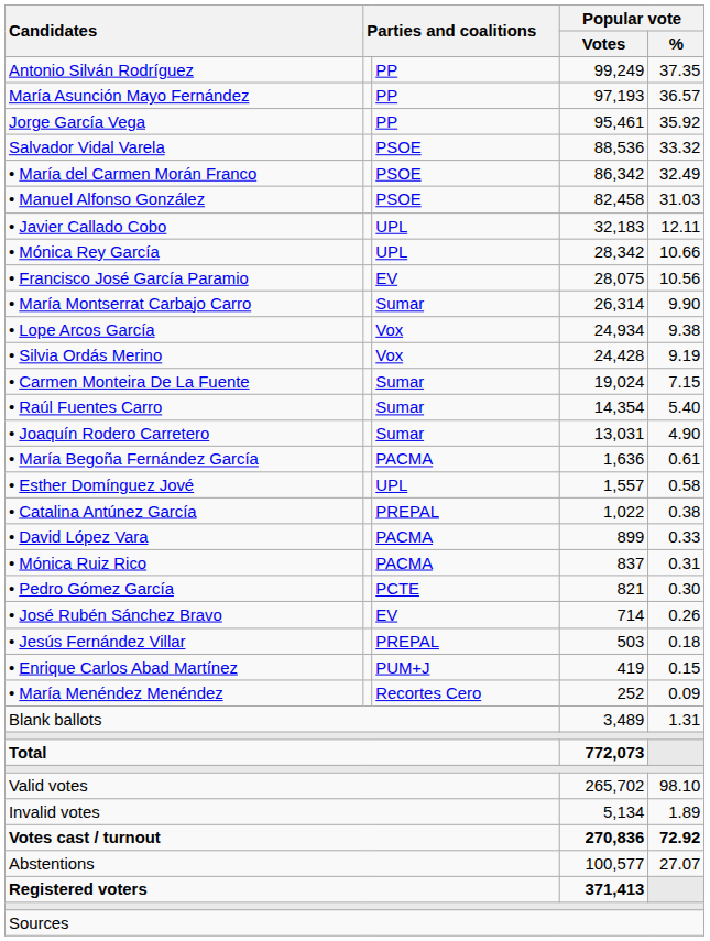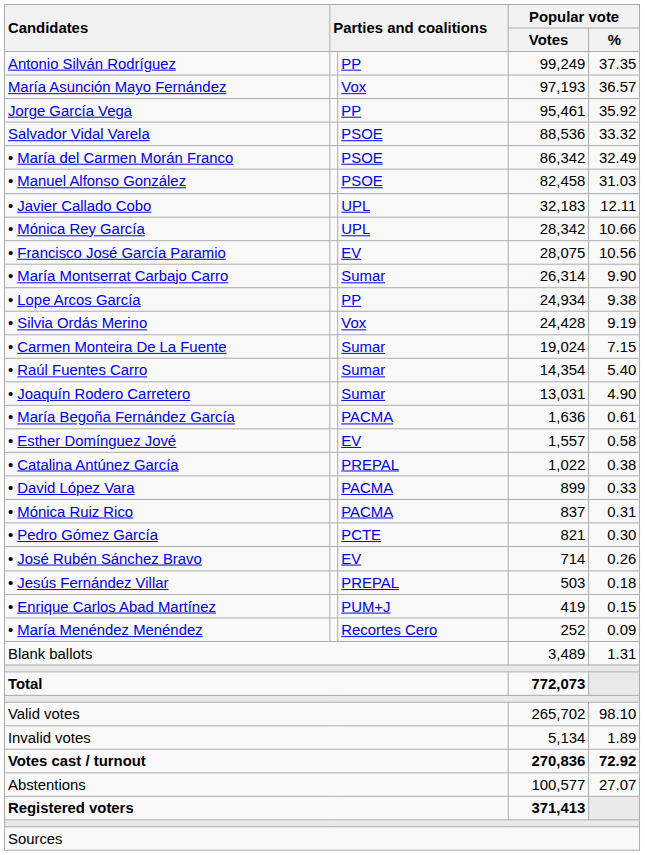 <table class="wikitable" style="text-align:right; font-size:95%;">
 <tr>
 <th style="text-align:left;" rowspan="2" width="325">Candidates</th>
 <th style="text-align:left;" rowspan="2" colspan="2" width="175">Parties and coalitions</th>
 <th colspan="2">Popular vote</th>
 </tr>
 <tr>
 <th width="75">Votes</th>
 <th width="45">%</th>
 </tr>
 <tr>
 <td align="left"> <a href='#'>Antonio Silván Rodríguez</a></td>
 <td width="1" style="color:inherit;background:"></td>
 <td align="left"><a href='#'>PP</a></td>
 <td>99,249</td>
 <td>37.35</td>
 </tr>
 <tr>
 <td align="left"> <a href='#'>María Asunción Mayo Fernández</a></td>
 <td width="1" style="color:inherit;background:"></td>
-<td align="left"><a href='#'>PP</a></td>
+<td align="left"><a href='#'>Vox</a></td>
 <td>97,193</td>
 <td>36.57</td>
 </tr>
 <tr>
 <td align="left"> <a href='#'>Jorge García Vega</a></td>
 <td width="1" style="color:inherit;background:"></td>
 <td align="left"><a href='#'>PP</a></td>
 <td>95,461</td>
 <td>35.92</td>
 </tr>
 <tr>
 <td align="left"> <a href='#'>Salvador Vidal Varela</a></td>
 <td width="1" style="color:inherit;background:"></td>
 <td align="left"><a href='#'>PSOE</a></td>
 <td>88,536</td>
 <td>33.32</td>
 </tr>
 <tr>
 <td align="left">• <a href='#'>María del Carmen Morán Franco</a></td>
 <td width="1" style="color:inherit;background:"></td>
 <td align="left"><a href='#'>PSOE</a></td>
 <td>86,342</td>
 <td>32.49</td>
 </tr>
 <tr>
 <td align="left">• <a href='#'>Manuel Alfonso González</a></td>
 <td width="1" style="color:inherit;background:"></td>
 <td align="left"><a href='#'>PSOE</a></td>
 <td>82,458</td>
 <td>31.03</td>
 </tr>
 <tr>
 <td align="left">• <a href='#'>Javier Callado Cobo</a></td>
 <td width="1" style="color:inherit;background:"></td>
 <td align="left"><a href='#'>UPL</a></td>
 <td>32,183</td>
 <td>12.11</td>
 </tr>
 <tr>
 <td align="left">• <a href='#'>Mónica Rey García</a></td>
 <td width="1" style="color:inherit;background:"></td>
 <td align="left"><a href='#'>UPL</a></td>
 <td>28,342</td>
 <td>10.66</td>
 </tr>
 <tr>
 <td align="left">• <a href='#'>Francisco José García Paramio</a></td>
 <td width="1" style="color:inherit;background:"></td>
 <td align="left"><a href='#'>EV</a></td>
 <td>28,075</td>
 <td>10.56</td>
 </tr>
 <tr>
 <td align="left">• <a href='#'>María Montserrat Carbajo Carro</a></td>
 <td width="1" style="color:inherit;background:"></td>
 <td align="left"><a href='#'>Sumar</a></td>
 <td>26,314</td>
 <td>9.90</td>
 </tr>
 <tr>
 <td align="left">• <a href='#'>Lope Arcos García</a></td>
 <td width="1" style="color:inherit;background:"></td>
-<td align="left"><a href='#'>Vox</a></td>
+<td align="left"><a href='#'>PP</a></td>
 <td>24,934</td>
 <td>9.38</td>
 </tr>
 <tr>
 <td align="left">• <a href='#'>Silvia Ordás Merino</a></td>
 <td width="1" style="color:inherit;background:"></td>
 <td align="left"><a href='#'>Vox</a></td>
 <td>24,428</td>
 <td>9.19</td>
 </tr>
 <tr>
 <td align="left">• <a href='#'>Carmen Monteira De La Fuente</a></td>
 <td width="1" style="color:inherit;background:"></td>
 <td align="left"><a href='#'>Sumar</a></td>
 <td>19,024</td>
 <td>7.15</td>
 </tr>
 <tr>
 <td align="left">• <a href='#'>Raúl Fuentes Carro</a></td>
 <td width="1" style="color:inherit;background:"></td>
 <td align="left"><a href='#'>Sumar</a></td>
 <td>14,354</td>
 <td>5.40</td>
 </tr>
 <tr>
 <td align="left">• <a href='#'>Joaquín Rodero Carretero</a></td>
 <td width="1" style="color:inherit;background:"></td>
 <td align="left"><a href='#'>Sumar</a></td>
 <td>13,031</td>
 <td>4.90</td>
 </tr>
 <tr>
 <td align="left">• <a href='#'>María Begoña Fernández García</a></td>
 <td width="1" style="color:inherit;background:"></td>
 <td align="left"><a href='#'>PACMA</a></td>
 <td>1,636</td>
 <td>0.61</td>
 </tr>
 <tr>
 <td align="left">• <a href='#'>Esther Domínguez Jové</a></td>
 <td width="1" style="color:inherit;background:"></td>
-<td align="left"><a href='#'>UPL</a></td>
+<td align="left"><a href='#'>EV</a></td>
 <td>1,557</td>
 <td>0.58</td>
 </tr>
 <tr>
 <td align="left">• <a href='#'>Catalina Antúnez García</a></td>
 <td width="1" style="color:inherit;background:"></td>
 <td align="left"><a href='#'>PREPAL</a></td>
 <td>1,022</td>
 <td>0.38</td>
 </tr>
 <tr>
 <td align="left">• <a href='#'>David López Vara</a></td>
 <td width="1" style="color:inherit;background:"></td>
 <td align="left"><a href='#'>PACMA</a></td>
 <td>899</td>
 <td>0.33</td>
 </tr>
 <tr>
 <td align="left">• <a href='#'>Mónica Ruiz Rico</a></td>
 <td width="1" style="color:inherit;background:"></td>
 <td align="left"><a href='#'>PACMA</a></td>
 <td>837</td>
 <td>0.31</td>
 </tr>
 <tr>
 <td align="left">• <a href='#'>Pedro Gómez García</a></td>
 <td width="1" style="color:inherit;background:"></td>
 <td align="left"><a href='#'>PCTE</a></td>
 <td>821</td>
 <td>0.30</td>
 </tr>
 <tr>
 <td align="left">• <a href='#'>José Rubén Sánchez Bravo</a></td>
 <td width="1" style="color:inherit;background:"></td>
 <td align="left"><a href='#'>EV</a></td>
 <td>714</td>
 <td>0.26</td>
 </tr>
 <tr>
 <td align="left">• <a href='#'>Jesús Fernández Villar</a></td>
 <td width="1" style="color:inherit;background:"></td>
 <td align="left"><a href='#'>PREPAL</a></td>
 <td>503</td>
 <td>0.18</td>
 </tr>
 <tr>
 <td align="left">• <a href='#'>Enrique Carlos Abad Martínez</a></td>
 <td width="1" style="color:inherit;background:"></td>
 <td align="left"><a href='#'>PUM+J</a></td>
 <td>419</td>
 <td>0.15</td>
 </tr>
 <tr>
 <td align="left">• <a href='#'>María Menéndez Menéndez</a></td>
 <td width="1" style="color:inherit;background:"></td>
 <td align="left"><a href='#'>Recortes Cero</a></td>
 <td>252</td>
 <td>0.09</td>
 </tr>
 <tr>
 <td align="left" colspan="3">Blank ballots</td>
 <td>3,489</td>
 <td>1.31</td>
 </tr>
 <tr>
 <td colspan="5" bgcolor="#E9E9E9"></td>
 </tr>
 <tr style="font-weight:bold;">
 <td align="left" colspan="3">Total</td>
 <td>772,073</td>
 <td bgcolor="#E9E9E9"></td>
 </tr>
 <tr>
 <td colspan="5" bgcolor="#E9E9E9"></td>
 </tr>
 <tr>
 <td align="left" colspan="3">Valid votes</td>
 <td>265,702</td>
 <td>98.10</td>
 </tr>
 <tr>
 <td align="left" colspan="3">Invalid votes</td>
 <td>5,134</td>
 <td>1.89</td>
 </tr>
 <tr style="font-weight:bold;">
 <td align="left" colspan="3">Votes cast / turnout</td>
 <td>270,836</td>
 <td>72.92</td>
 </tr>
 <tr>
 <td align="left" colspan="3">Abstentions</td>
 <td>100,577</td>
 <td>27.07</td>
 </tr>
 <tr style="font-weight:bold;">
 <td align="left" colspan="3">Registered voters</td>
 <td>371,413</td>
 <td bgcolor="#E9E9E9"></td>
 </tr>
 <tr>
 <td colspan="5" bgcolor="#E9E9E9"></td>
 </tr>
 <tr>
 <td align="left" colspan="5">Sources</td>
 </tr>
 </table>
